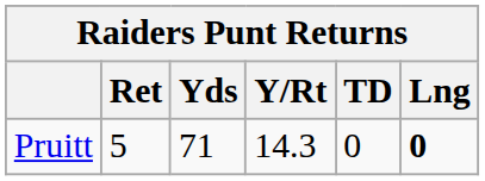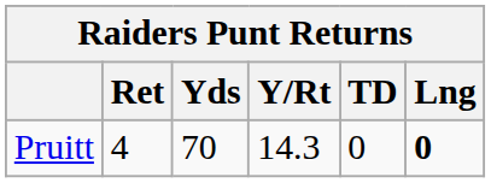 <table class="wikitable">
 <tr>
 <th colspan="6">Raiders Punt Returns</th>
 </tr>
 <tr>
 <th></th>
 <th>Ret</th>
 <th>Yds</th>
 <th>Y/Rt</th>
 <th>TD</th>
 <th>Lng</th>
 </tr>
 <tr>
 <td><a href='#'>Pruitt</a></td>
-<td>5</td>
-<td>71</td>
+<td>4</td>
+<td>70</td>
 <td>14.3</td>
 <td>0</td>
 <td><strong>0</strong></td>
 </tr>
 </table>
